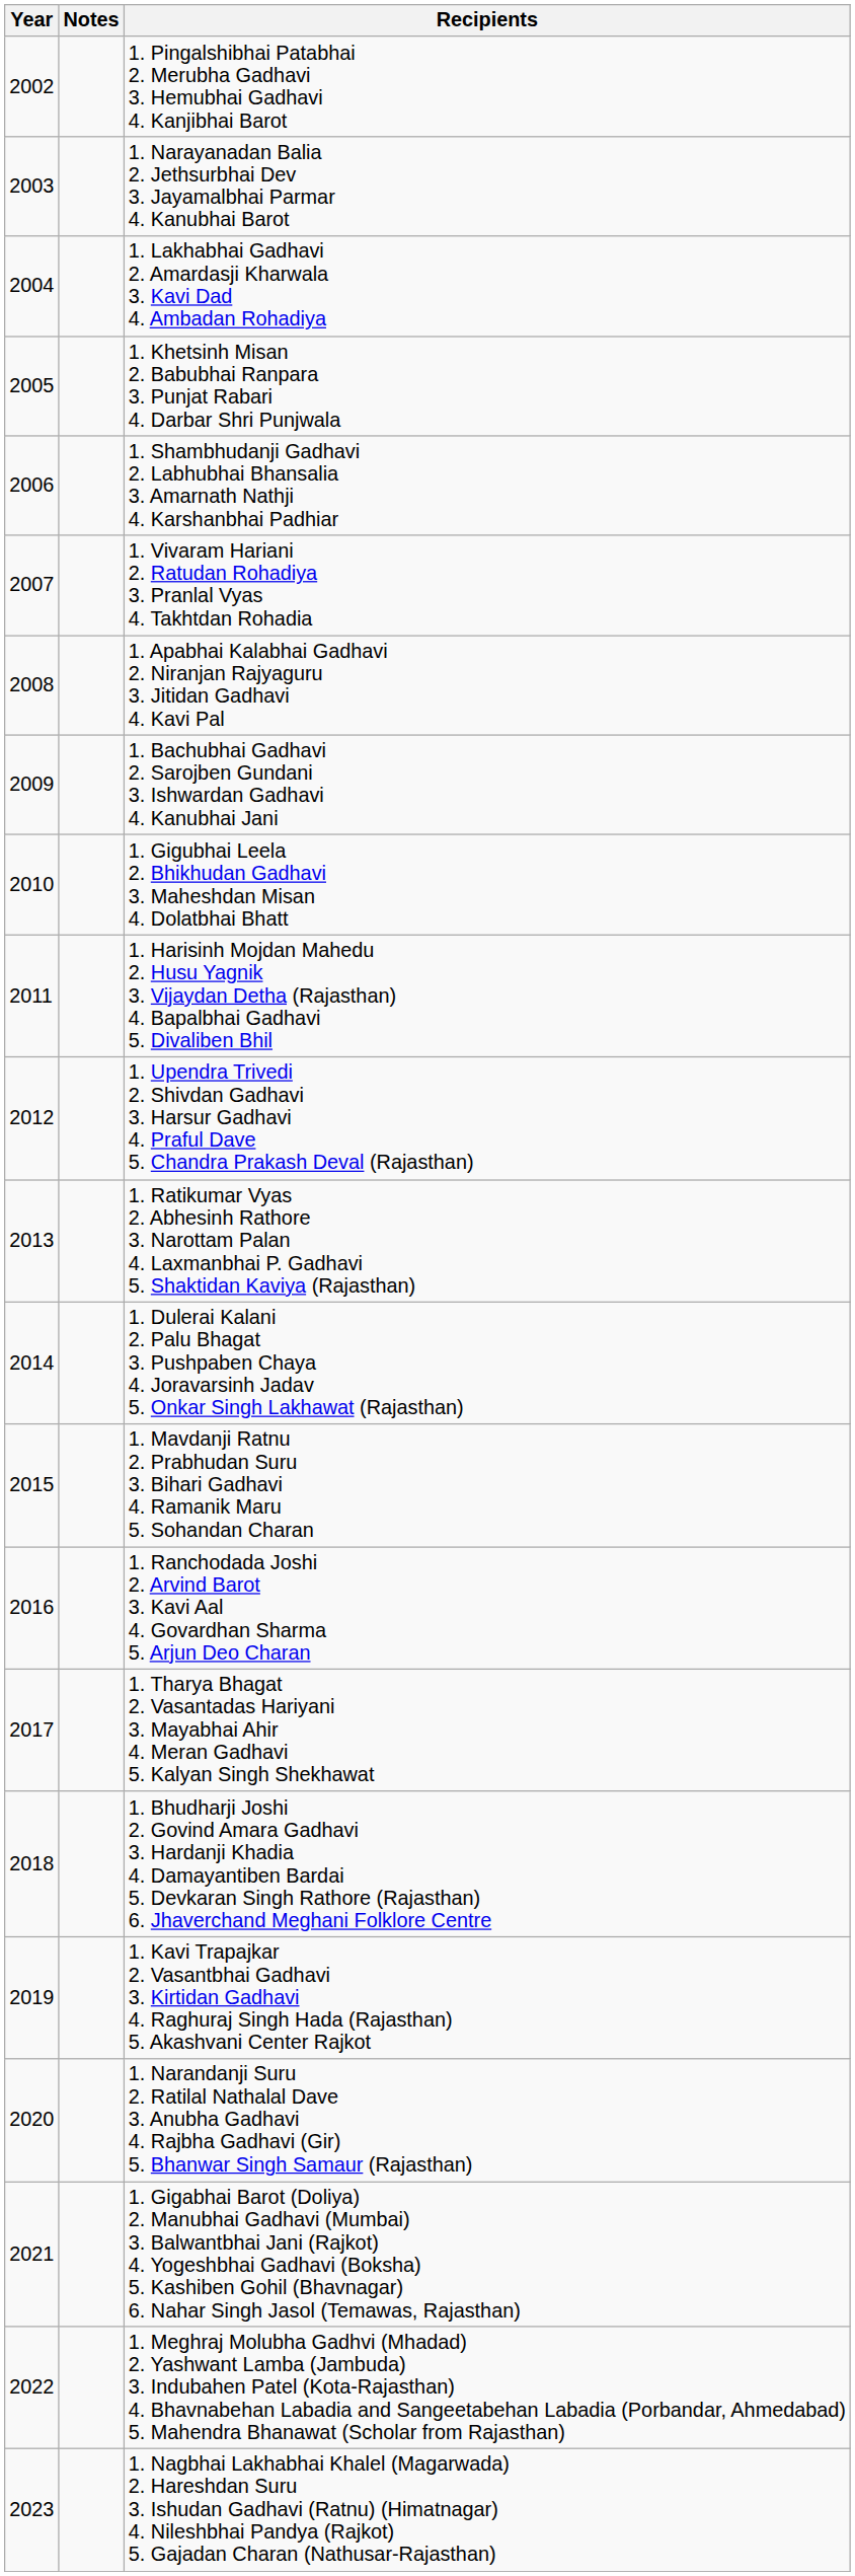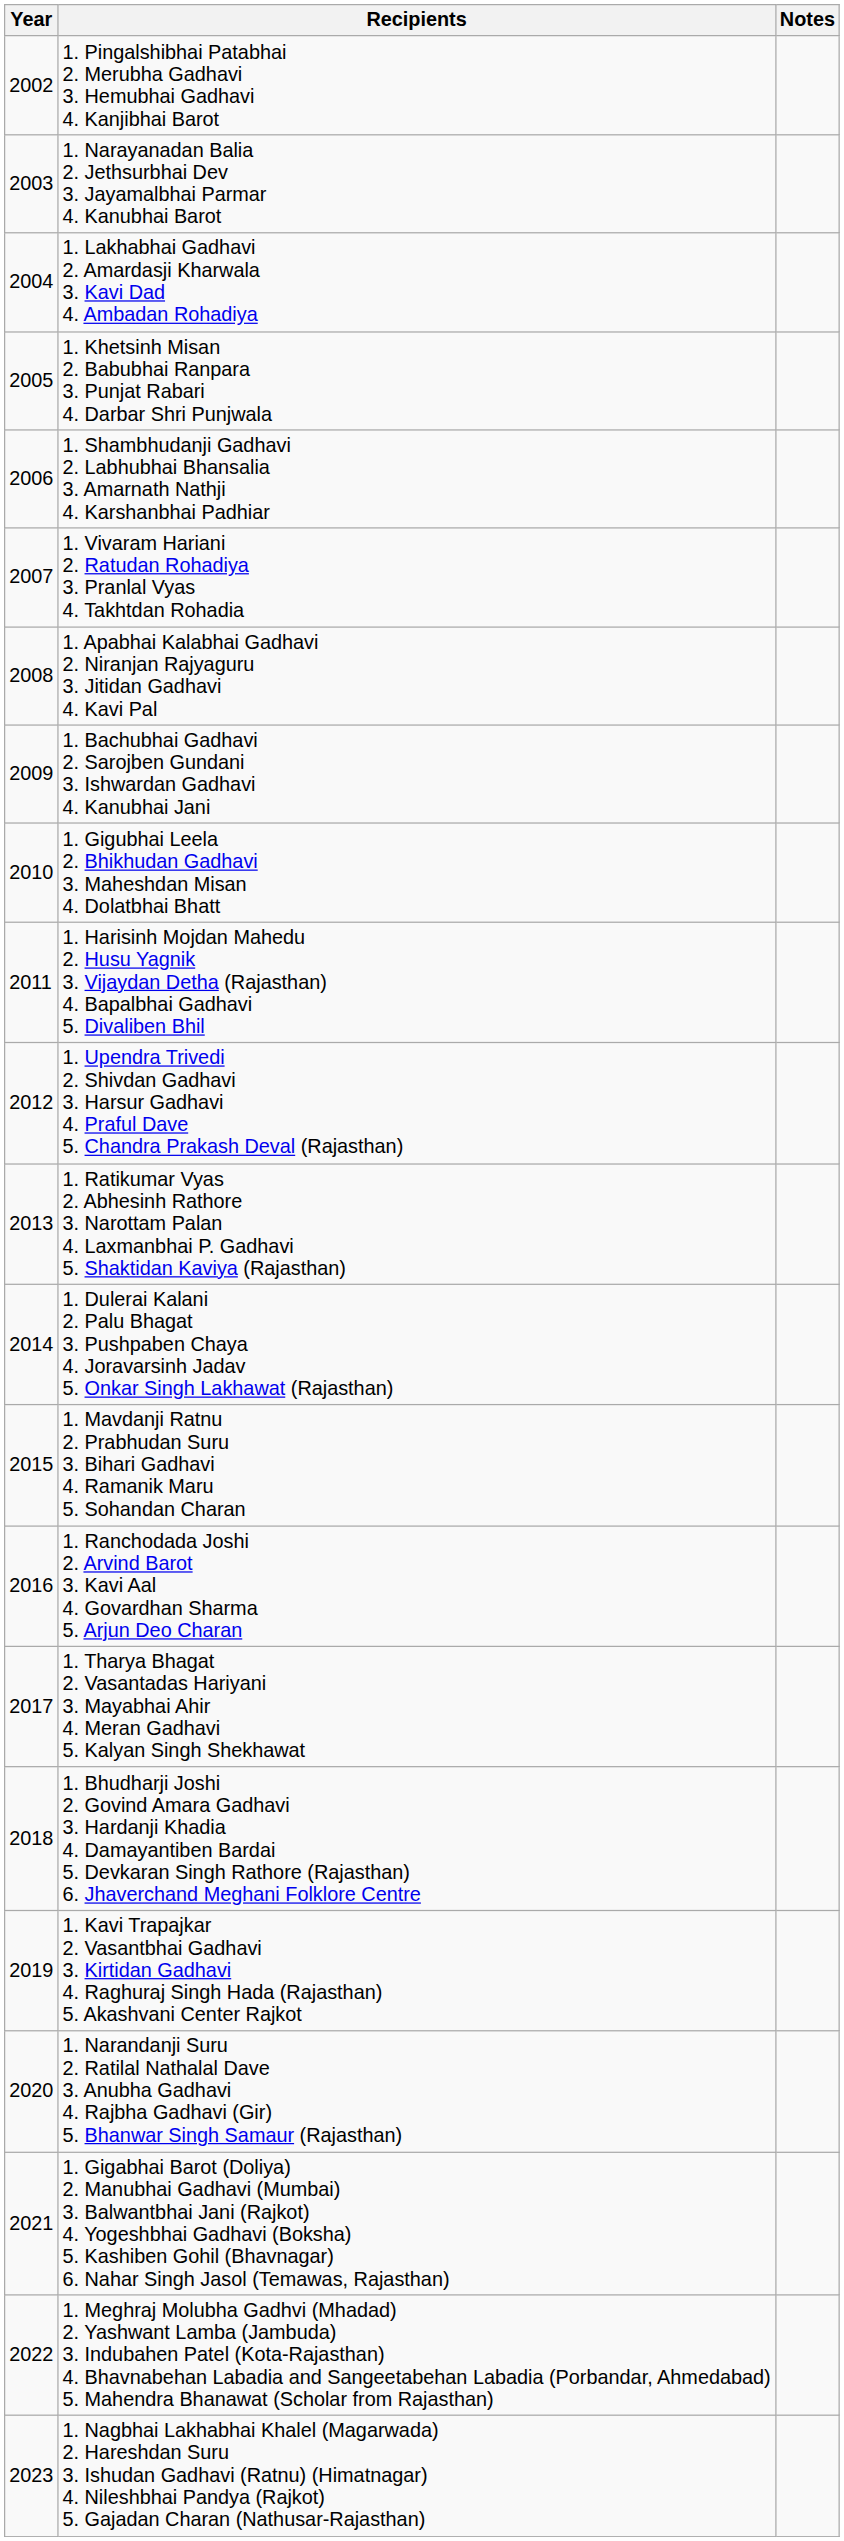 <table class="wikitable sortable">
 <tr>
 <th>Year</th>
+<th>Recipients</th>
 <th>Notes</th>
-<th>Recipients</th>
 </tr>
 <tr>
 <td>2002</td>
+<td>1. Pingalshibhai Patabhai<br>2. Merubha Gadhavi<br>3. Hemubhai Gadhavi<br>4. Kanjibhai Barot</td>
 <td></td>
-<td>1. Pingalshibhai Patabhai<br>2. Merubha Gadhavi<br>3. Hemubhai Gadhavi<br>4. Kanjibhai Barot</td>
 </tr>
 <tr>
 <td>2003</td>
+<td>1. Narayanadan Balia<br>2. Jethsurbhai Dev<br>3. Jayamalbhai Parmar<br>4. Kanubhai Barot</td>
 <td></td>
-<td>1. Narayanadan Balia<br>2. Jethsurbhai Dev<br>3. Jayamalbhai Parmar<br>4. Kanubhai Barot</td>
 </tr>
 <tr>
 <td>2004</td>
+<td>1. Lakhabhai Gadhavi<br>2. Amardasji Kharwala<br>3. <a href='#'>Kavi Dad</a><br>4. <a href='#'>Ambadan Rohadiya</a></td>
 <td></td>
-<td>1. Lakhabhai Gadhavi<br>2. Amardasji Kharwala<br>3. <a href='#'>Kavi Dad</a><br>4. <a href='#'>Ambadan Rohadiya</a></td>
 </tr>
 <tr>
 <td>2005</td>
+<td>1. Khetsinh Misan<br>2. Babubhai Ranpara<br>3. Punjat Rabari<br>4. Darbar Shri Punjwala</td>
 <td></td>
-<td>1. Khetsinh Misan<br>2. Babubhai Ranpara<br>3. Punjat Rabari<br>4. Darbar Shri Punjwala</td>
 </tr>
 <tr>
 <td>2006</td>
+<td>1. Shambhudanji Gadhavi<br>2. Labhubhai Bhansalia<br>3. Amarnath Nathji<br>4. Karshanbhai Padhiar</td>
 <td></td>
-<td>1. Shambhudanji Gadhavi<br>2. Labhubhai Bhansalia<br>3. Amarnath Nathji<br>4. Karshanbhai Padhiar</td>
 </tr>
 <tr>
 <td>2007</td>
+<td>1. Vivaram Hariani<br>2. <a href='#'>Ratudan Rohadiya</a><br>3. Pranlal Vyas<br>4. Takhtdan Rohadia</td>
 <td></td>
-<td>1. Vivaram Hariani<br>2. <a href='#'>Ratudan Rohadiya</a><br>3. Pranlal Vyas<br>4. Takhtdan Rohadia</td>
 </tr>
 <tr>
 <td>2008</td>
+<td>1. Apabhai Kalabhai Gadhavi<br>2. Niranjan Rajyaguru<br>3. Jitidan Gadhavi<br>4. Kavi Pal</td>
 <td></td>
-<td>1. Apabhai Kalabhai Gadhavi<br>2. Niranjan Rajyaguru<br>3. Jitidan Gadhavi<br>4. Kavi Pal</td>
 </tr>
 <tr>
 <td>2009</td>
+<td>1. Bachubhai Gadhavi<br>2. Sarojben Gundani<br>3. Ishwardan Gadhavi<br>4. Kanubhai Jani</td>
 <td></td>
-<td>1. Bachubhai Gadhavi<br>2. Sarojben Gundani<br>3. Ishwardan Gadhavi<br>4. Kanubhai Jani</td>
 </tr>
 <tr>
 <td>2010</td>
+<td>1. Gigubhai Leela<br>2. <a href='#'>Bhikhudan Gadhavi</a><br>3. Maheshdan Misan<br>4. Dolatbhai Bhatt</td>
 <td></td>
-<td>1. Gigubhai Leela<br>2. <a href='#'>Bhikhudan Gadhavi</a><br>3. Maheshdan Misan<br>4. Dolatbhai Bhatt</td>
 </tr>
 <tr>
 <td>2011</td>
+<td>1. Harisinh Mojdan Mahedu<br>2. <a href='#'>Husu Yagnik</a><br>3. <a href='#'>Vijaydan Detha</a> (Rajasthan)<br>4. Bapalbhai Gadhavi<br>5. <a href='#'>Divaliben Bhil</a></td>
 <td></td>
-<td>1. Harisinh Mojdan Mahedu<br>2. <a href='#'>Husu Yagnik</a><br>3. <a href='#'>Vijaydan Detha</a> (Rajasthan)<br>4. Bapalbhai Gadhavi<br>5. <a href='#'>Divaliben Bhil</a></td>
 </tr>
 <tr>
 <td>2012</td>
+<td>1. <a href='#'>Upendra Trivedi</a><br>2. Shivdan Gadhavi<br>3. Harsur Gadhavi<br>4. <a href='#'>Praful Dave</a><br>5. <a href='#'>Chandra Prakash Deval</a> (Rajasthan)</td>
 <td></td>
-<td>1. <a href='#'>Upendra Trivedi</a><br>2. Shivdan Gadhavi<br>3. Harsur Gadhavi<br>4. <a href='#'>Praful Dave</a><br>5. <a href='#'>Chandra Prakash Deval</a> (Rajasthan)</td>
 </tr>
 <tr>
 <td>2013</td>
+<td>1. Ratikumar Vyas<br>2. Abhesinh Rathore<br>3. Narottam Palan<br>4. Laxmanbhai P. Gadhavi<br>5. <a href='#'>Shaktidan Kaviya</a> (Rajasthan)</td>
 <td></td>
-<td>1. Ratikumar Vyas<br>2. Abhesinh Rathore<br>3. Narottam Palan<br>4. Laxmanbhai P. Gadhavi<br>5. <a href='#'>Shaktidan Kaviya</a> (Rajasthan)</td>
 </tr>
 <tr>
 <td>2014</td>
+<td>1. Dulerai Kalani<br>2. Palu Bhagat<br>3. Pushpaben Chaya<br>4. Joravarsinh Jadav<br>5. <a href='#'>Onkar Singh Lakhawat</a> (Rajasthan)</td>
 <td></td>
-<td>1. Dulerai Kalani<br>2. Palu Bhagat<br>3. Pushpaben Chaya<br>4. Joravarsinh Jadav<br>5. <a href='#'>Onkar Singh Lakhawat</a> (Rajasthan)</td>
 </tr>
 <tr>
 <td>2015</td>
+<td>1. Mavdanji Ratnu<br>2. Prabhudan Suru<br>3. Bihari Gadhavi<br>4. Ramanik Maru<br>5. Sohandan Charan</td>
 <td></td>
-<td>1. Mavdanji Ratnu<br>2. Prabhudan Suru<br>3. Bihari Gadhavi<br>4. Ramanik Maru<br>5. Sohandan Charan</td>
 </tr>
 <tr>
 <td>2016</td>
+<td>1. Ranchodada Joshi<br>2. <a href='#'>Arvind Barot</a><br>3. Kavi Aal<br>4. Govardhan Sharma<br>5. <a href='#'>Arjun Deo Charan</a></td>
 <td></td>
-<td>1. Ranchodada Joshi<br>2. <a href='#'>Arvind Barot</a><br>3. Kavi Aal<br>4. Govardhan Sharma<br>5. <a href='#'>Arjun Deo Charan</a></td>
 </tr>
 <tr>
 <td>2017</td>
+<td>1. Tharya Bhagat<br>2. Vasantadas Hariyani<br>3. Mayabhai Ahir<br>4. Meran Gadhavi<br>5. Kalyan Singh Shekhawat</td>
 <td></td>
-<td>1. Tharya Bhagat<br>2. Vasantadas Hariyani<br>3. Mayabhai Ahir<br>4. Meran Gadhavi<br>5. Kalyan Singh Shekhawat</td>
 </tr>
 <tr>
 <td>2018</td>
+<td>1. Bhudharji Joshi<br>2. Govind Amara Gadhavi<br>3. Hardanji Khadia<br>4. Damayantiben Bardai<br>5. Devkaran Singh Rathore (Rajasthan)<br>6. <a href='#'>Jhaverchand Meghani Folklore Centre</a></td>
 <td></td>
-<td>1. Bhudharji Joshi<br>2. Govind Amara Gadhavi<br>3. Hardanji Khadia<br>4. Damayantiben Bardai<br>5. Devkaran Singh Rathore (Rajasthan)<br>6. <a href='#'>Jhaverchand Meghani Folklore Centre</a></td>
 </tr>
 <tr>
 <td>2019</td>
+<td>1. Kavi Trapajkar<br>2. Vasantbhai Gadhavi<br>3. <a href='#'>Kirtidan Gadhavi</a><br>4. Raghuraj Singh Hada (Rajasthan)<br>5. Akashvani Center Rajkot</td>
 <td></td>
-<td>1. Kavi Trapajkar<br>2. Vasantbhai Gadhavi<br>3. <a href='#'>Kirtidan Gadhavi</a><br>4. Raghuraj Singh Hada (Rajasthan)<br>5. Akashvani Center Rajkot</td>
 </tr>
 <tr>
 <td>2020</td>
+<td>1. Narandanji Suru<br>2. Ratilal Nathalal Dave<br>3. Anubha Gadhavi<br>4. Rajbha Gadhavi (Gir)<br>5. <a href='#'>Bhanwar Singh Samaur</a> (Rajasthan)</td>
 <td></td>
-<td>1. Narandanji Suru<br>2. Ratilal Nathalal Dave<br>3. Anubha Gadhavi<br>4. Rajbha Gadhavi (Gir)<br>5. <a href='#'>Bhanwar Singh Samaur</a> (Rajasthan)</td>
 </tr>
 <tr>
 <td>2021</td>
+<td>1. Gigabhai Barot (Doliya)<br>2. Manubhai Gadhavi (Mumbai)<br>3. Balwantbhai Jani (Rajkot)<br>4. Yogeshbhai Gadhavi (Boksha)<br>5. Kashiben Gohil (Bhavnagar)<br>6. Nahar Singh Jasol (Temawas, Rajasthan)</td>
 <td></td>
-<td>1. Gigabhai Barot (Doliya)<br>2. Manubhai Gadhavi (Mumbai)<br>3. Balwantbhai Jani (Rajkot)<br>4. Yogeshbhai Gadhavi (Boksha)<br>5. Kashiben Gohil (Bhavnagar)<br>6. Nahar Singh Jasol (Temawas, Rajasthan)</td>
 </tr>
 <tr>
 <td>2022</td>
+<td>1. Meghraj Molubha Gadhvi (Mhadad)<br>2. Yashwant Lamba (Jambuda)<br>3. Indubahen Patel (Kota-Rajasthan)<br>4. Bhavnabehan Labadia and Sangeetabehan Labadia (Porbandar, Ahmedabad)<br>5. Mahendra Bhanawat (Scholar from Rajasthan)</td>
 <td></td>
-<td>1. Meghraj Molubha Gadhvi (Mhadad)<br>2. Yashwant Lamba (Jambuda)<br>3. Indubahen Patel (Kota-Rajasthan)<br>4. Bhavnabehan Labadia and Sangeetabehan Labadia (Porbandar, Ahmedabad)<br>5. Mahendra Bhanawat (Scholar from Rajasthan)</td>
 </tr>
 <tr>
 <td>2023</td>
+<td>1. Nagbhai Lakhabhai Khalel (Magarwada)<br>2. Hareshdan Suru<br>3. Ishudan Gadhavi (Ratnu) (Himatnagar)<br>4. Nileshbhai Pandya (Rajkot)<br>5. Gajadan Charan (Nathusar-Rajasthan)</td>
 <td></td>
-<td>1. Nagbhai Lakhabhai Khalel (Magarwada)<br>2. Hareshdan Suru<br>3. Ishudan Gadhavi (Ratnu) (Himatnagar)<br>4. Nileshbhai Pandya (Rajkot)<br>5. Gajadan Charan (Nathusar-Rajasthan)</td>
 </tr>
 </table>
